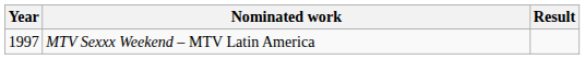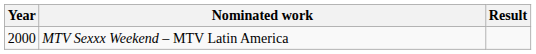 <table class="wikitable sortable plainrowheaders" style="margin-right: 0;">
 <tr>
 <th width="30”">Year</th>
 <th width="500">Nominated work</th>
 <th width="30">Result</th>
 </tr>
 <tr>
-<td scope="row">1997</td>
+<td scope="row">2000</td>
 <td><em>MTV Sexxx Weekend</em> – MTV Latin America</td>
 <td></td>
 </tr>
 </table>
